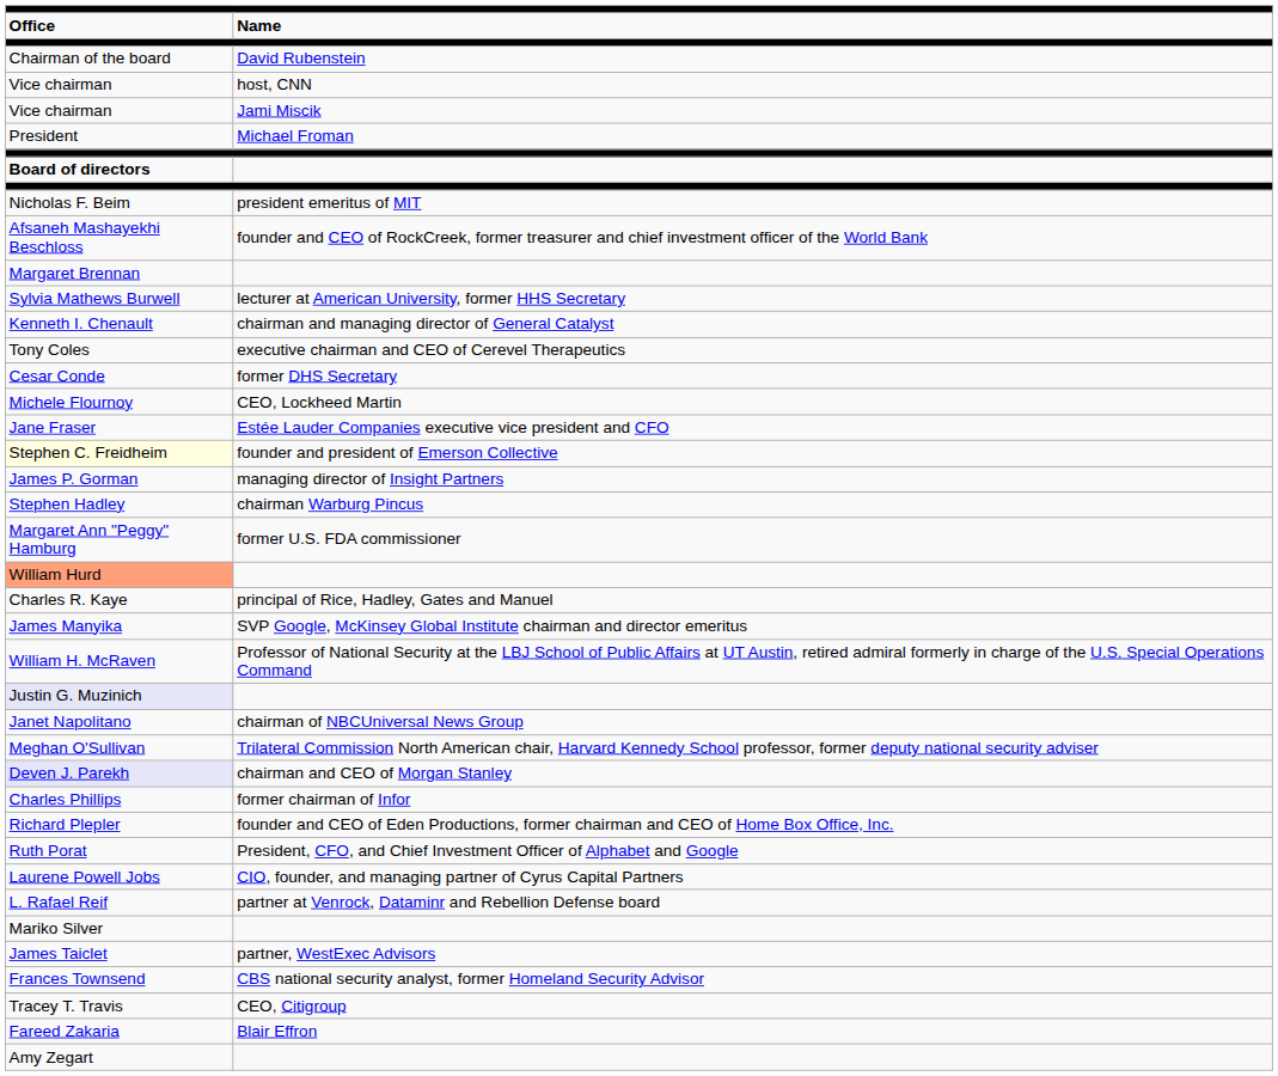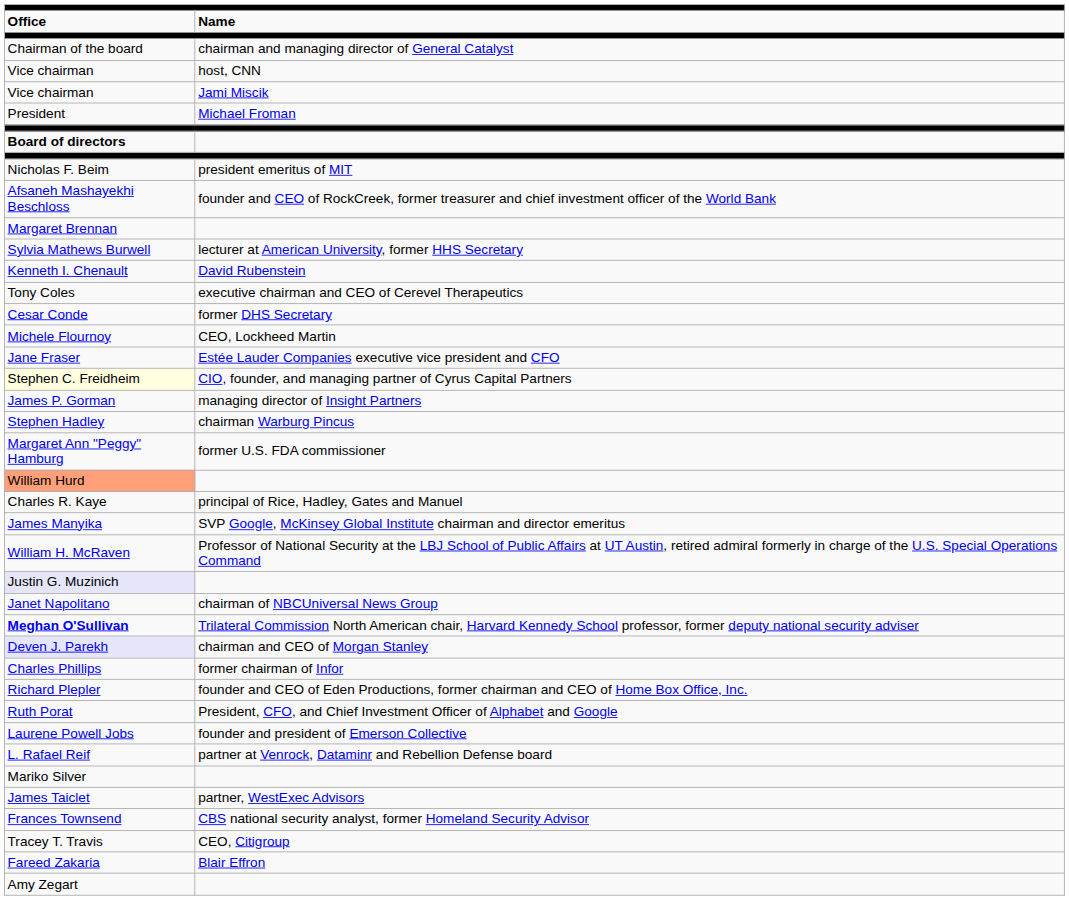 <table class="wikitable">
 <tr>
 <th style="background:#000;" colspan="2"></th>
 </tr>
 <tr>
 <td align="left"><strong>Office</strong></td>
 <td align="left"><strong>Name</strong></td>
 </tr>
 <tr>
 <th style="background:#000;" colspan="2"></th>
 </tr>
 <tr>
 <td>Chairman of the board</td>
-<td><a href='#'>David Rubenstein</a></td>
+<td>chairman and managing director of <a href='#'>General Catalyst</a></td>
 </tr>
 <tr>
 <td>Vice chairman</td>
 <td>host, CNN</td>
 </tr>
 <tr>
 <td>Vice chairman</td>
 <td><a href='#'>Jami Miscik</a></td>
 </tr>
 <tr>
 <td>President</td>
 <td><a href='#'>Michael Froman</a></td>
 </tr>
 <tr>
 <th style="background:#000;" colspan="2"></th>
 </tr>
 <tr>
 <td><strong>Board of directors</strong></td>
 <td></td>
 </tr>
 <tr>
 <th style="background:#000;" colspan="2"></th>
 </tr>
 <tr>
 <td>Nicholas F. Beim</td>
 <td>president emeritus of <a href='#'>MIT</a></td>
 </tr>
 <tr>
 <td><a href='#'>Afsaneh Mashayekhi Beschloss</a></td>
 <td>founder and <a href='#'>CEO</a> of RockCreek, former treasurer and chief investment officer of the <a href='#'>World Bank</a></td>
 </tr>
 <tr>
 <td><a href='#'>Margaret Brennan</a></td>
 </tr>
 <tr>
 <td><a href='#'>Sylvia Mathews Burwell</a></td>
 <td>lecturer at <a href='#'>American University</a>, former <a href='#'>HHS Secretary</a></td>
 </tr>
 <tr>
 <td><a href='#'>Kenneth I. Chenault</a></td>
-<td>chairman and managing director of <a href='#'>General Catalyst</a></td>
+<td><a href='#'>David Rubenstein</a></td>
 </tr>
 <tr>
 <td>Tony Coles</td>
 <td>executive chairman and CEO of Cerevel Therapeutics</td>
 </tr>
 <tr>
 <td><a href='#'>Cesar Conde</a></td>
 <td>former <a href='#'>DHS Secretary</a></td>
 </tr>
 <tr>
 <td><a href='#'>Michele Flournoy</a></td>
 <td>CEO, Lockheed Martin</td>
 </tr>
 <tr>
 <td><a href='#'>Jane Fraser</a></td>
 <td><a href='#'>Estée Lauder Companies</a> executive vice president and <a href='#'>CFO</a></td>
 </tr>
 <tr>
 <td style="background: lightyellow;">Stephen C. Freidheim</td>
-<td>founder and president of <a href='#'>Emerson Collective</a></td>
+<td><a href='#'>CIO</a>, founder, and managing partner of Cyrus Capital Partners</td>
 </tr>
 <tr>
 <td><a href='#'>James P. Gorman</a></td>
 <td>managing director of <a href='#'>Insight Partners</a></td>
 </tr>
 <tr>
 <td><a href='#'>Stephen Hadley</a></td>
 <td>chairman <a href='#'>Warburg Pincus</a></td>
 </tr>
 <tr>
 <td><a href='#'>Margaret Ann "Peggy" Hamburg</a></td>
 <td>former U.S. FDA commissioner</td>
 </tr>
 <tr>
 <td style="background: lightsalmon;">William Hurd</td>
 <td></td>
 </tr>
 <tr>
 <td>Charles R. Kaye</td>
 <td>principal of Rice, Hadley, Gates and Manuel</td>
 </tr>
 <tr>
 <td><a href='#'>James Manyika</a></td>
 <td>SVP <a href='#'>Google</a>, <a href='#'>McKinsey Global Institute</a> chairman and director emeritus</td>
 </tr>
 <tr>
 <td><a href='#'>William H. McRaven</a></td>
 <td>Professor of National Security at the <a href='#'>LBJ School of Public Affairs</a> at <a href='#'>UT Austin</a>, retired admiral formerly in charge of the <a href='#'>U.S. Special Operations Command</a></td>
 </tr>
 <tr>
 <td style="background: lavender;">Justin G. Muzinich</td>
 <td></td>
 </tr>
 <tr>
 <td><a href='#'>Janet Napolitano</a></td>
 <td>chairman of <a href='#'>NBCUniversal News Group</a></td>
 </tr>
 <tr>
-<td><a href='#'>Meghan O'Sullivan</a></td>
+<td><strong><a href='#'>Meghan O'Sullivan</a></strong></td>
 <td><a href='#'>Trilateral Commission</a> North American chair, <a href='#'>Harvard Kennedy School</a> professor, former <a href='#'>deputy national security adviser</a></td>
 </tr>
 <tr>
 <td style="background: lavender;"><a href='#'>Deven J. Parekh</a></td>
 <td>chairman and CEO of <a href='#'>Morgan Stanley</a></td>
 </tr>
 <tr>
 <td><a href='#'>Charles Phillips</a></td>
 <td>former chairman of <a href='#'>Infor</a></td>
 </tr>
 <tr>
 <td><a href='#'>Richard Plepler</a></td>
 <td>founder and CEO of Eden Productions, former chairman and CEO of <a href='#'>Home Box Office, Inc.</a></td>
 </tr>
 <tr>
 <td><a href='#'>Ruth Porat</a></td>
 <td>President, <a href='#'>CFO</a>, and Chief Investment Officer of <a href='#'>Alphabet</a> and <a href='#'>Google</a></td>
 </tr>
 <tr>
 <td><a href='#'>Laurene Powell Jobs</a></td>
-<td><a href='#'>CIO</a>, founder, and managing partner of Cyrus Capital Partners</td>
+<td>founder and president of <a href='#'>Emerson Collective</a></td>
 </tr>
 <tr>
 <td><a href='#'>L. Rafael Reif</a></td>
 <td>partner at <a href='#'>Venrock</a>, <a href='#'>Dataminr</a> and Rebellion Defense board</td>
 </tr>
 <tr>
 <td>Mariko Silver</td>
 </tr>
 <tr>
 <td><a href='#'>James Taiclet</a></td>
 <td>partner, <a href='#'>WestExec Advisors</a></td>
 </tr>
 <tr>
 <td><a href='#'>Frances Townsend</a></td>
 <td><a href='#'>CBS</a> national security analyst, former <a href='#'>Homeland Security Advisor</a></td>
 </tr>
 <tr>
 <td>Tracey T. Travis</td>
 <td>CEO, <a href='#'>Citigroup</a></td>
 </tr>
 <tr>
 <td><a href='#'>Fareed Zakaria</a></td>
 <td><a href='#'>Blair Effron</a></td>
 </tr>
 <tr>
 <td>Amy Zegart</td>
 </tr>
 </table>
